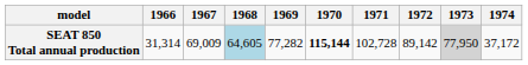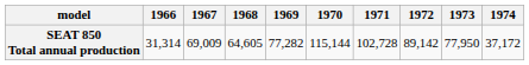 <table class="wikitable" style="text-align:center">
 <tr>
 <th>model</th>
 <th>1966</th>
 <th>1967</th>
 <th>1968</th>
 <th>1969</th>
 <th>1970</th>
 <th>1971</th>
 <th>1972</th>
 <th>1973</th>
 <th>1974</th>
 </tr>
 <tr>
 <th>SEAT 850<br>Total annual production</th>
 <td>31,314</td>
 <td>69,009</td>
-<td style="background: lightblue;">64,605</td>
+<td>64,605</td>
 <td>77,282</td>
-<td><strong>115,144</strong></td>
+<td>115,144</td>
 <td>102,728</td>
 <td>89,142</td>
-<td style="background: lightgrey;">77,950</td>
+<td>77,950</td>
 <td>37,172</td>
 </tr>
 </table>
